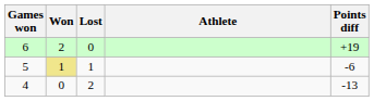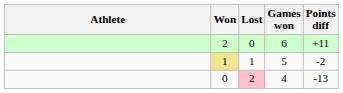 <table class="wikitable">
 <tr>
-<th>Games<br>won</th>
+<th style="width:18em">Athlete</th>
 <th>Won</th>
 <th>Lost</th>
-<th style="width:18em">Athlete</th>
+<th>Games<br>won</th>
 <th>Points<br>diff</th>
 </tr>
 <tr bgcolor="#ccffcc">
-<td align="center">6</td>
+<td></td>
 <td align="center">2</td>
 <td align="center">0</td>
-<td></td>
-<td align="center">+19</td>
+<td align="center">6</td>
+<td align="center">+11</td>
 </tr>
 <tr>
-<td align="center">5</td>
+<td></td>
 <td align="center" style="background: khaki;">1</td>
 <td align="center">1</td>
-<td></td>
-<td align="center">-6</td>
+<td align="center">5</td>
+<td align="center">-2</td>
 </tr>
 <tr>
+<td></td>
+<td align="center">0</td>
+<td align="center" style="background: pink;">2</td>
 <td align="center">4</td>
-<td align="center">0</td>
-<td align="center">2</td>
-<td></td>
 <td align="center">-13</td>
 </tr>
 </table>
